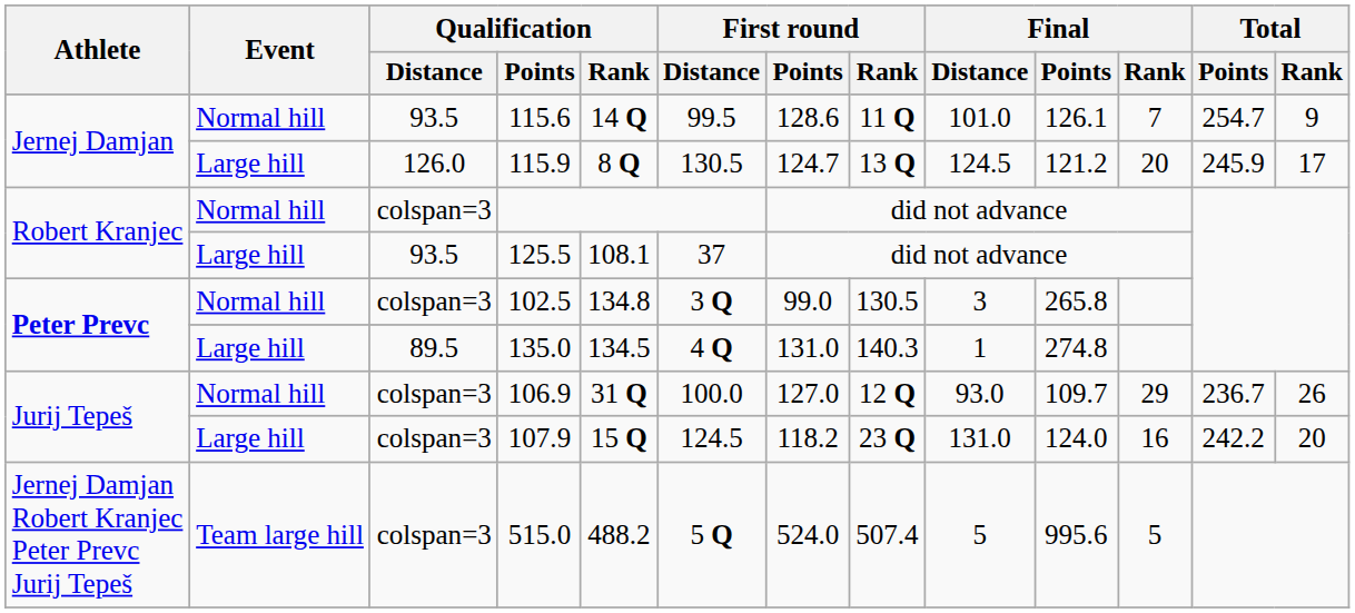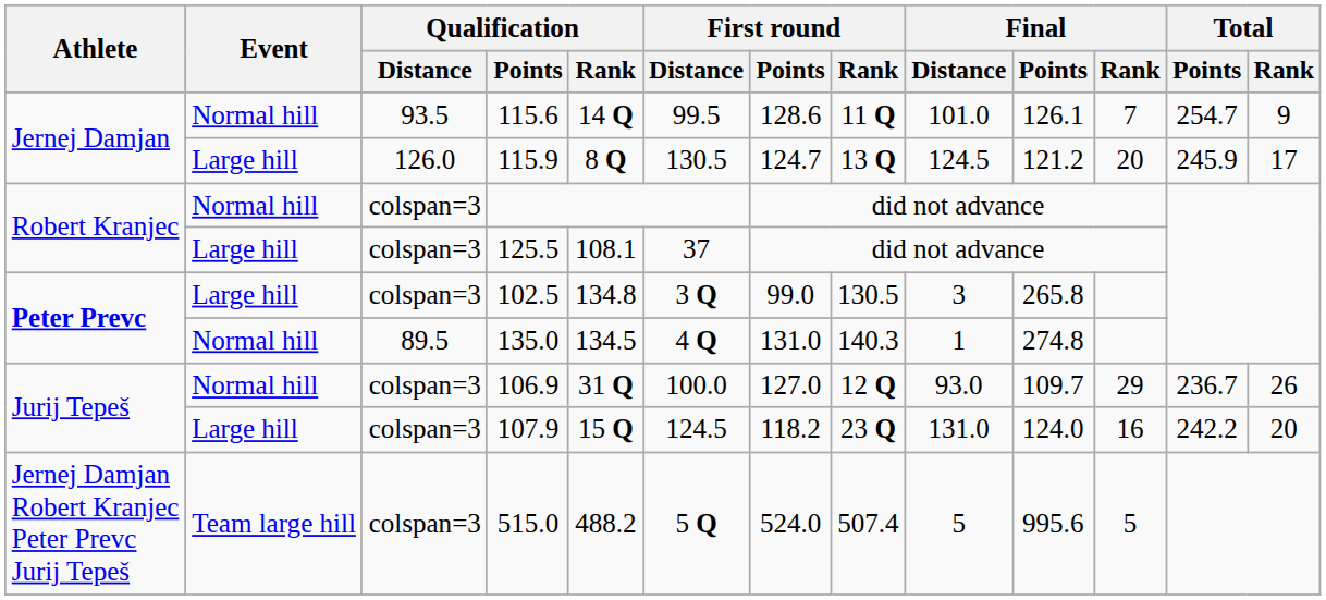 <table class="wikitable" style="font-size:90%">
 <tr>
 <th rowspan=2>Athlete</th>
 <th rowspan=2>Event</th>
 <th colspan=3>Qualification</th>
 <th colspan=3>First round</th>
 <th colspan=3>Final</th>
 <th colspan=2>Total</th>
 </tr>
 <tr style="font-size:95%">
 <th>Distance</th>
 <th>Points</th>
 <th>Rank</th>
 <th>Distance</th>
 <th>Points</th>
 <th>Rank</th>
 <th>Distance</th>
 <th>Points</th>
 <th>Rank</th>
 <th>Points</th>
 <th>Rank</th>
 </tr>
 <tr align=center>
 <td style="text-align:left;" rowspan="2"><a href='#'>Jernej Damjan</a></td>
 <td align=left><a href='#'>Normal hill</a></td>
 <td>93.5</td>
 <td>115.6</td>
 <td>14 <strong>Q</strong></td>
 <td>99.5</td>
 <td>128.6</td>
 <td>11 <strong>Q</strong></td>
 <td>101.0</td>
 <td>126.1</td>
 <td>7</td>
 <td>254.7</td>
 <td>9</td>
 </tr>
 <tr align=center>
 <td align=left><a href='#'>Large hill</a></td>
 <td>126.0</td>
 <td>115.9</td>
 <td>8 <strong>Q</strong></td>
 <td>130.5</td>
 <td>124.7</td>
 <td>13 <strong>Q</strong></td>
 <td>124.5</td>
 <td>121.2</td>
 <td>20</td>
 <td>245.9</td>
 <td>17</td>
 </tr>
 <tr align=center>
 <td style="text-align:left;" rowspan="2"><a href='#'>Robert Kranjec</a></td>
 <td align=left><a href='#'>Normal hill</a></td>
 <td>colspan=3 </td>
 <td colspan=3></td>
 <td colspan=5>did not advance</td>
 </tr>
 <tr align=center>
 <td align=left><a href='#'>Large hill</a></td>
-<td>93.5</td>
+<td>colspan=3 </td>
 <td>125.5</td>
 <td>108.1</td>
 <td>37</td>
 <td colspan=5>did not advance</td>
 </tr>
 <tr align=center>
 <td style="text-align:left;" rowspan="2"><strong><a href='#'>Peter Prevc</a></strong></td>
-<td align=left><a href='#'>Normal hill</a></td>
+<td align=left><a href='#'>Large hill</a></td>
 <td>colspan=3 </td>
 <td>102.5</td>
 <td>134.8</td>
 <td>3 <strong>Q</strong></td>
 <td>99.0</td>
 <td>130.5</td>
 <td>3</td>
 <td>265.8</td>
 <td></td>
 </tr>
 <tr align=center>
-<td align=left><a href='#'>Large hill</a></td>
+<td align=left><a href='#'>Normal hill</a></td>
 <td>89.5</td>
 <td>135.0</td>
 <td>134.5</td>
 <td>4 <strong>Q</strong></td>
 <td>131.0</td>
 <td>140.3</td>
 <td>1</td>
 <td>274.8</td>
 <td></td>
 </tr>
 <tr align=center>
 <td style="text-align:left;" rowspan="2"><a href='#'>Jurij Tepeš</a></td>
 <td align=left><a href='#'>Normal hill</a></td>
 <td>colspan=3 </td>
 <td>106.9</td>
 <td>31 <strong>Q</strong></td>
 <td>100.0</td>
 <td>127.0</td>
 <td>12 <strong>Q</strong></td>
 <td>93.0</td>
 <td>109.7</td>
 <td>29</td>
 <td>236.7</td>
 <td>26</td>
 </tr>
 <tr align=center>
 <td align=left><a href='#'>Large hill</a></td>
 <td>colspan=3 </td>
 <td>107.9</td>
 <td>15 <strong>Q</strong></td>
 <td>124.5</td>
 <td>118.2</td>
 <td>23 <strong>Q</strong></td>
 <td>131.0</td>
 <td>124.0</td>
 <td>16</td>
 <td>242.2</td>
 <td>20</td>
 </tr>
 <tr align=center>
 <td align=left><a href='#'>Jernej Damjan</a><br><a href='#'>Robert Kranjec</a><br><a href='#'>Peter Prevc</a><br><a href='#'>Jurij Tepeš</a></td>
 <td align=left><a href='#'>Team large hill</a></td>
 <td>colspan=3 </td>
 <td>515.0</td>
 <td>488.2</td>
 <td>5 <strong>Q</strong></td>
 <td>524.0</td>
 <td>507.4</td>
 <td>5</td>
 <td>995.6</td>
 <td>5</td>
 </tr>
 </table>
